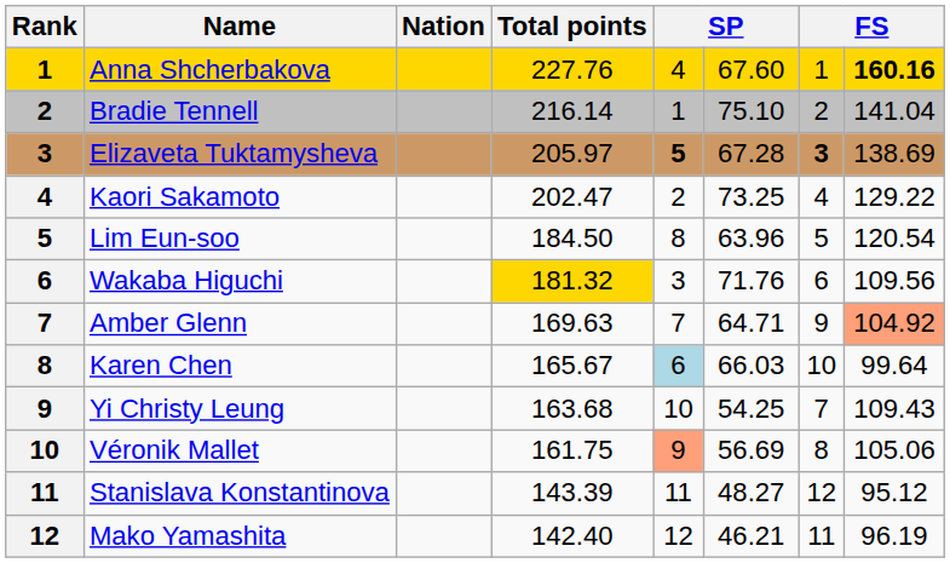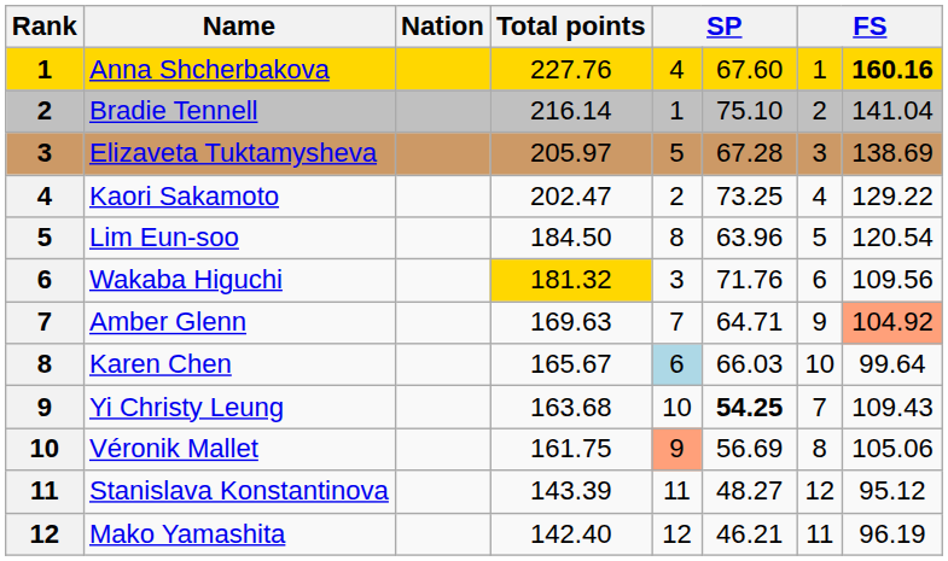 <table class="wikitable sortable">
 <tr>
 <th>Rank</th>
 <th>Name</th>
 <th>Nation</th>
 <th>Total points</th>
 <th width="80" colspan="2"><a href='#'>SP</a></th>
 <th width="80" colspan="2"><a href='#'>FS</a></th>
 </tr>
 <tr bgcolor="gold">
 <td align="center"><strong>1</strong></td>
 <td><a href='#'>Anna Shcherbakova</a></td>
 <td></td>
 <td align="center">227.76</td>
 <td align="center">4</td>
 <td align="center">67.60</td>
 <td align="center">1</td>
 <td align="center"><strong>160.16</strong></td>
 </tr>
 <tr bgcolor="silver">
 <td align="center"><strong>2</strong></td>
 <td><a href='#'>Bradie Tennell</a></td>
 <td></td>
 <td align="center">216.14</td>
 <td align="center">1</td>
 <td align="center">75.10</td>
 <td align="center">2</td>
 <td align="center">141.04</td>
 </tr>
 <tr bgcolor="#cc9966">
 <td align="center"><strong>3</strong></td>
 <td><a href='#'>Elizaveta Tuktamysheva</a></td>
 <td></td>
 <td align="center">205.97</td>
-<td align="center"><strong>5</strong></td>
+<td align="center">5</td>
 <td align="center">67.28</td>
-<td align="center"><strong>3</strong></td>
+<td align="center">3</td>
 <td align="center">138.69</td>
 </tr>
 <tr>
 <th>4</th>
 <td><a href='#'>Kaori Sakamoto</a></td>
 <td></td>
 <td align="center">202.47</td>
 <td align="center">2</td>
 <td align="center">73.25</td>
 <td align="center">4</td>
 <td align="center">129.22</td>
 </tr>
 <tr>
 <th>5</th>
 <td><a href='#'>Lim Eun-soo</a></td>
 <td></td>
 <td align="center">184.50</td>
 <td align="center">8</td>
 <td align="center">63.96</td>
 <td align="center">5</td>
 <td align="center">120.54</td>
 </tr>
 <tr>
 <th>6</th>
 <td><a href='#'>Wakaba Higuchi</a></td>
 <td></td>
 <td align="center" style="background: gold;">181.32</td>
 <td align="center">3</td>
 <td align="center">71.76</td>
 <td align="center">6</td>
 <td align="center">109.56</td>
 </tr>
 <tr>
 <th>7</th>
 <td><a href='#'>Amber Glenn</a></td>
 <td></td>
 <td align="center">169.63</td>
 <td align="center">7</td>
 <td align="center">64.71</td>
 <td align="center">9</td>
 <td align="center" style="background: lightsalmon;">104.92</td>
 </tr>
 <tr>
 <th>8</th>
 <td><a href='#'>Karen Chen</a></td>
 <td></td>
 <td align="center">165.67</td>
 <td align="center" style="background: lightblue;">6</td>
 <td align="center">66.03</td>
 <td align="center">10</td>
 <td align="center">99.64</td>
 </tr>
 <tr>
 <th>9</th>
 <td><a href='#'>Yi Christy Leung</a></td>
 <td></td>
 <td align="center">163.68</td>
 <td align="center">10</td>
-<td align="center">54.25</td>
+<td align="center"><strong>54.25</strong></td>
 <td align="center">7</td>
 <td align="center">109.43</td>
 </tr>
 <tr>
 <th>10</th>
 <td><a href='#'>Véronik Mallet</a></td>
 <td></td>
 <td align="center">161.75</td>
 <td align="center" style="background: lightsalmon;">9</td>
 <td align="center">56.69</td>
 <td align="center">8</td>
 <td align="center">105.06</td>
 </tr>
 <tr>
 <th>11</th>
 <td><a href='#'>Stanislava Konstantinova</a></td>
 <td></td>
 <td align="center">143.39</td>
 <td align="center">11</td>
 <td align="center">48.27</td>
 <td align="center">12</td>
 <td align="center">95.12</td>
 </tr>
 <tr>
 <th>12</th>
 <td><a href='#'>Mako Yamashita</a></td>
 <td></td>
 <td align="center">142.40</td>
 <td align="center">12</td>
 <td align="center">46.21</td>
 <td align="center">11</td>
 <td align="center">96.19</td>
 </tr>
 </table>
